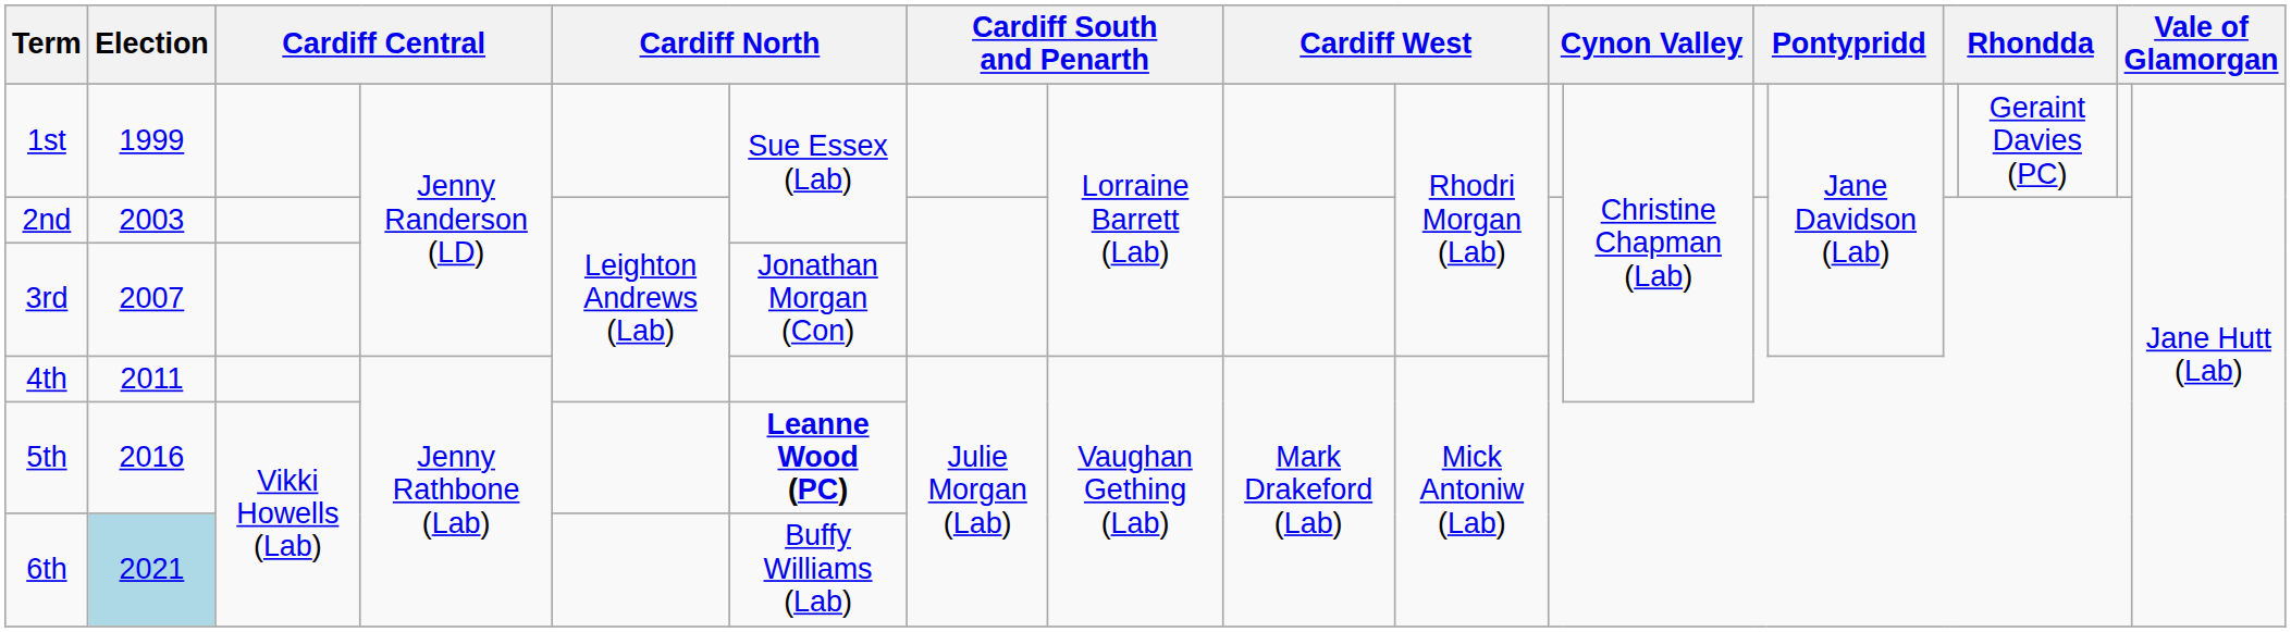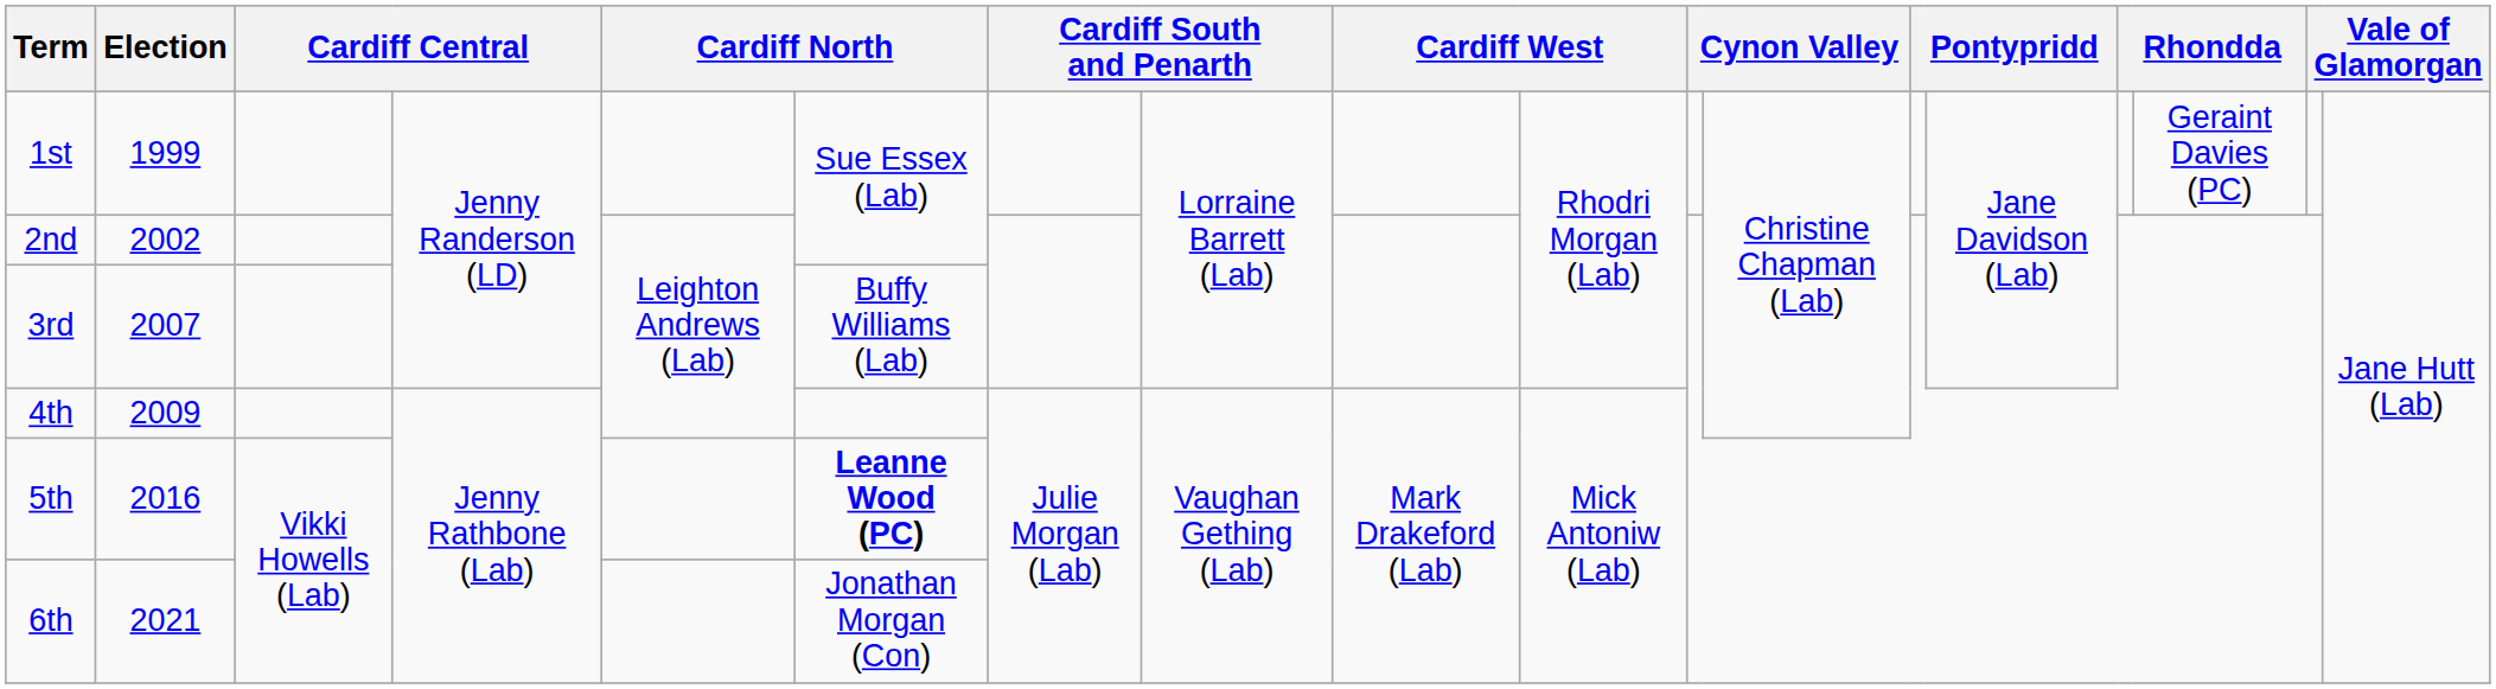 <table class="wikitable" style="text-align:center">
 <tr>
 <th>Term</th>
 <th>Election</th>
 <th colspan="2"><a href='#'>Cardiff Central</a></th>
 <th colspan="2"><a href='#'>Cardiff North</a></th>
 <th colspan="2"><a href='#'>Cardiff South<br>and Penarth</a></th>
 <th colspan="2"><a href='#'>Cardiff West</a></th>
 <th colspan="2"><a href='#'>Cynon Valley</a></th>
 <th colspan="2"><a href='#'>Pontypridd</a></th>
 <th colspan="2"><a href='#'>Rhondda</a></th>
 <th colspan="2"><a href='#'>Vale of<br>Glamorgan</a></th>
 </tr>
 <tr>
 <td><a href='#'>1st</a></td>
 <td><a href='#'>1999</a></td>
 <td></td>
 <td rowspan="3"><a href='#'>Jenny Randerson</a><br>(<a href='#'>LD</a>)</td>
 <td></td>
 <td rowspan="2"><a href='#'>Sue Essex</a><br>(<a href='#'>Lab</a>)</td>
 <td></td>
 <td rowspan="3"><a href='#'>Lorraine Barrett</a><br>(<a href='#'>Lab</a>)</td>
 <td></td>
 <td rowspan="3"><a href='#'>Rhodri Morgan</a><br>(<a href='#'>Lab</a>)</td>
 <td></td>
 <td rowspan="4"><a href='#'>Christine Chapman</a><br>(<a href='#'>Lab</a>)</td>
 <td></td>
 <td rowspan="3"><a href='#'>Jane Davidson</a><br>(<a href='#'>Lab</a>)</td>
 <td style="color:inherit;background:"></td>
 <td><a href='#'>Geraint Davies</a><br>(<a href='#'>PC</a>)</td>
 <td></td>
 <td rowspan="6"><a href='#'>Jane Hutt</a><br>(<a href='#'>Lab</a>)</td>
 </tr>
 <tr>
 <td><a href='#'>2nd</a></td>
-<td><a href='#'>2003</a></td>
+<td><a href='#'>2002</a></td>
 <td></td>
 <td rowspan="3"><a href='#'>Leighton Andrews</a><br>(<a href='#'>Lab</a>)</td>
 </tr>
 <tr>
 <td><a href='#'>3rd</a></td>
 <td><a href='#'>2007</a></td>
 <td style="color:inherit;background:"></td>
-<td><a href='#'>Jonathan Morgan</a><br>(<a href='#'>Con</a>)</td>
+<td><a href='#'>Buffy Williams</a><br>(<a href='#'>Lab</a>)</td>
 </tr>
 <tr>
 <td><a href='#'>4th</a></td>
-<td><a href='#'>2011</a></td>
+<td><a href='#'>2009</a></td>
 <td></td>
 <td rowspan="3"><a href='#'>Jenny Rathbone</a><br>(<a href='#'>Lab</a>)</td>
 <td></td>
 <td rowspan="3"><a href='#'>Julie Morgan</a><br>(<a href='#'>Lab</a>)</td>
 <td rowspan="3"><a href='#'>Vaughan Gething</a><br>(<a href='#'>Lab</a>)</td>
 <td rowspan="3"><a href='#'>Mark Drakeford</a><br>(<a href='#'>Lab</a>)</td>
 <td rowspan="3"><a href='#'>Mick Antoniw</a><br>(<a href='#'>Lab</a>)</td>
 </tr>
 <tr>
 <td><a href='#'>5th</a></td>
 <td><a href='#'>2016</a></td>
 <td rowspan="2"><a href='#'>Vikki Howells</a><br>(<a href='#'>Lab</a>)</td>
 <td style="color:inherit;background:"></td>
 <td><strong><a href='#'>Leanne Wood</a><br>(<a href='#'>PC</a>)</strong></td>
 </tr>
 <tr>
 <td><a href='#'>6th</a></td>
-<td style="background: lightblue;"><a href='#'>2021</a></td>
+<td><a href='#'>2021</a></td>
 <td style="color:inherit;background:"></td>
-<td><a href='#'>Buffy Williams</a><br>(<a href='#'>Lab</a>)</td>
+<td><a href='#'>Jonathan Morgan</a><br>(<a href='#'>Con</a>)</td>
 </tr>
 </table>
